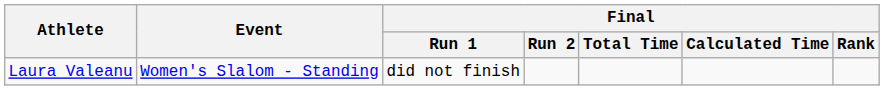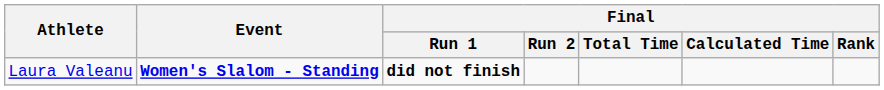 <table class="wikitable" style="font-size:90%">
 <tr>
 <th rowspan="2">Athlete</th>
 <th rowspan="2">Event</th>
 <th colspan="6">Final</th>
 </tr>
 <tr>
 <th>Run 1</th>
 <th>Run 2</th>
 <th>Total Time</th>
 <th>Calculated Time</th>
 <th>Rank</th>
 </tr>
 <tr>
 <td><a href='#'>Laura Valeanu</a></td>
-<td><a href='#'>Women's Slalom - Standing</a></td>
-<td align="center">did not finish</td>
+<td><strong><a href='#'>Women's Slalom - Standing</a></strong></td>
+<td align="center"><strong>did not finish</strong></td>
 <td align="center"></td>
 <td align="center"></td>
 <td align="center"></td>
 <td align="center"></td>
 </tr>
 </table>
